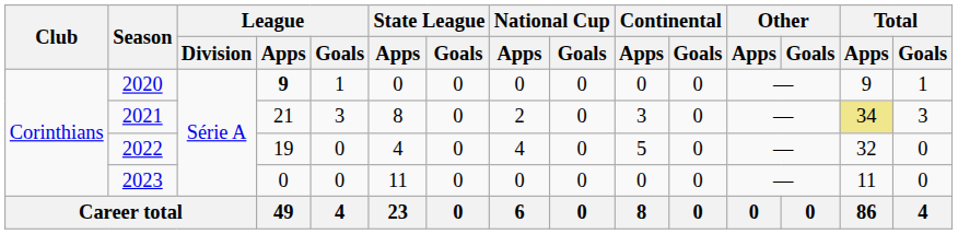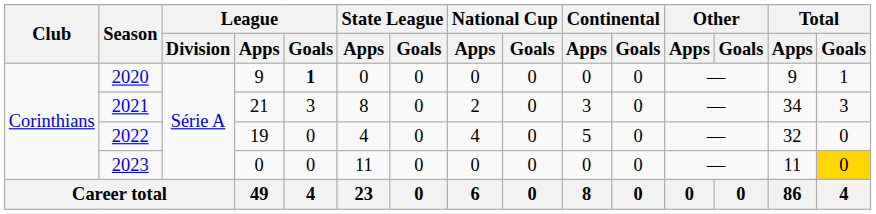 <table class="wikitable" style="text-align:center">
 <tr>
 <th rowspan="2">Club</th>
 <th rowspan="2">Season</th>
 <th colspan="3">League</th>
 <th colspan="2">State League</th>
 <th colspan="2">National Cup</th>
 <th colspan="2">Continental</th>
 <th colspan="2">Other</th>
 <th colspan="2">Total</th>
 </tr>
 <tr>
 <th>Division</th>
 <th>Apps</th>
 <th>Goals</th>
 <th>Apps</th>
 <th>Goals</th>
 <th>Apps</th>
 <th>Goals</th>
 <th>Apps</th>
 <th>Goals</th>
 <th>Apps</th>
 <th>Goals</th>
 <th>Apps</th>
 <th>Goals</th>
 </tr>
 <tr>
 <td rowspan="4"><a href='#'>Corinthians</a></td>
 <td><a href='#'>2020</a></td>
 <td rowspan="4"><a href='#'>Série A</a></td>
-<td><strong>9</strong></td>
-<td>1</td>
+<td>9</td>
+<td><strong>1</strong></td>
 <td>0</td>
 <td>0</td>
 <td>0</td>
 <td>0</td>
 <td>0</td>
 <td>0</td>
 <td colspan="2">—</td>
 <td>9</td>
 <td>1</td>
 </tr>
 <tr>
 <td><a href='#'>2021</a></td>
 <td>21</td>
 <td>3</td>
 <td>8</td>
 <td>0</td>
 <td>2</td>
 <td>0</td>
 <td>3</td>
 <td>0</td>
 <td colspan="2">—</td>
-<td style="background: khaki;">34</td>
+<td>34</td>
 <td>3</td>
 </tr>
 <tr>
 <td><a href='#'>2022</a></td>
 <td>19</td>
 <td>0</td>
 <td>4</td>
 <td>0</td>
 <td>4</td>
 <td>0</td>
 <td>5</td>
 <td>0</td>
 <td colspan="2">—</td>
 <td>32</td>
 <td>0</td>
 </tr>
 <tr>
 <td><a href='#'>2023</a></td>
 <td>0</td>
 <td>0</td>
 <td>11</td>
 <td>0</td>
 <td>0</td>
 <td>0</td>
 <td>0</td>
 <td>0</td>
 <td colspan="2">—</td>
 <td>11</td>
-<td>0</td>
+<td style="background: gold;">0</td>
 </tr>
 <tr>
 <th colspan="3">Career total</th>
 <th>49</th>
 <th>4</th>
 <th>23</th>
 <th>0</th>
 <th>6</th>
 <th>0</th>
 <th>8</th>
 <th>0</th>
 <th>0</th>
 <th>0</th>
 <th>86</th>
 <th>4</th>
 </tr>
 </table>
